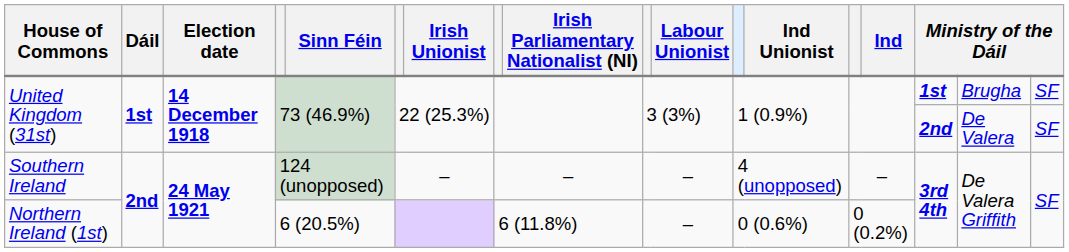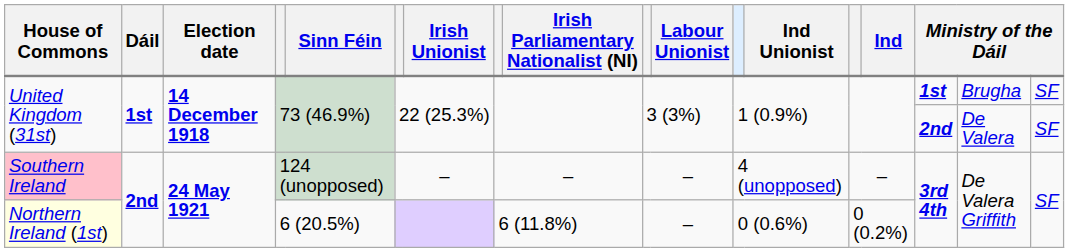 <table class = "wikitable" style="font-size:95%;">
 <tr style="text-align: center; background: #efefefefefef; border-bottom: 2px solid gray;">
 <th>House of<br>Commons</th>
 <th>Dáil</th>
 <th>Election date</th>
 <th style="background-color: "></th>
 <th><a href='#'>Sinn Féin</a></th>
 <th style="background-color: "></th>
 <th><a href='#'>Irish Unionist</a></th>
 <th style="background-color: "></th>
 <th><a href='#'>Irish Parliamentary</a><br><a href='#'>Nationalist</a> (NI)</th>
 <th style="background-color: "></th>
 <th><a href='#'>Labour<br>Unionist</a></th>
 <th style="background-color: #DDEEFF"></th>
 <th>Ind<br>Unionist</th>
 <th style="background-color: "></th>
 <th><a href='#'>Ind</a></th>
 <th colspan=3><em>Ministry of the Dáil</em></th>
 </tr>
 <tr style="line-height:16px;">
 <td rowspan=2><em><a href='#'>United Kingdom</a></em> (<em><a href='#'>31st</a></em>)</td>
 <td rowspan=2><strong><a href='#'>1st</a></strong></td>
 <td rowspan=2><strong><a href='#'>14 December 1918</a></strong></td>
 <td rowspan=2 colspan=2 style="background-color: #CEDFCF">73 (46.9%)</td>
 <td rowspan=2 colspan=2>22 (25.3%)</td>
 <td rowspan=2 colspan=2></td>
 <td rowspan=2 colspan=2>3 (3%)</td>
 <td rowspan=2 colspan=2>1 (0.9%)</td>
 <td rowspan=2 colspan=2></td>
 <td><a href='#'><strong><em>1st</em></strong></a></td>
 <td><a href='#'><em>Brugha</em></a></td>
 <td><a href='#'><em>SF</em></a></td>
 </tr>
 <tr style="line-height:16px;">
 <td><a href='#'><strong><em>2nd</em></strong></a></td>
 <td><a href='#'><em>De Valera</em></a></td>
 <td><a href='#'><em>SF</em></a></td>
 </tr>
 <tr style="line-height:16px;">
-<td><em><a href='#'>Southern Ireland</a></em></td>
+<td style="background: pink;"><em><a href='#'>Southern Ireland</a></em></td>
 <td rowspan=2><strong><a href='#'>2nd</a></strong></td>
 <td rowspan=2><strong><a href='#'>24 May 1921</a></strong></td>
 <td colspan=2 style="background-color: #CEDFCF">124 (unopposed)</td>
 <td colspan=2 align=center>–</td>
 <td colspan=2 align=center>–</td>
 <td colspan=2 align=center>–</td>
 <td colspan=2>4 (<a href='#'>unopposed</a>)</td>
 <td colspan=2 align=center>–</td>
 <td rowspan=2><a href='#'><strong><em>3rd</em></strong></a><br><a href='#'><strong><em>4th</em></strong></a></td>
 <td rowspan=2><em>De Valera</em><br><a href='#'><em>Griffith</em></a></td>
 <td rowspan=2><a href='#'><em>SF</em></a></td>
 </tr>
 <tr style="line-height:16px;">
-<td><em><a href='#'>Northern Ireland</a></em> (<em><a href='#'>1st</a></em>)</td>
+<td style="background: lightyellow;"><em><a href='#'>Northern Ireland</a></em> (<em><a href='#'>1st</a></em>)</td>
 <td colspan=2>6 (20.5%)</td>
 <td colspan=2 style="background-color: #DFCEFF"></td>
 <td colspan=2>6 (11.8%)</td>
 <td colspan=2 align=center>–</td>
 <td colspan=2>0 (0.6%)</td>
 <td colspan=2>0 (0.2%)</td>
 </tr>
 </table>
